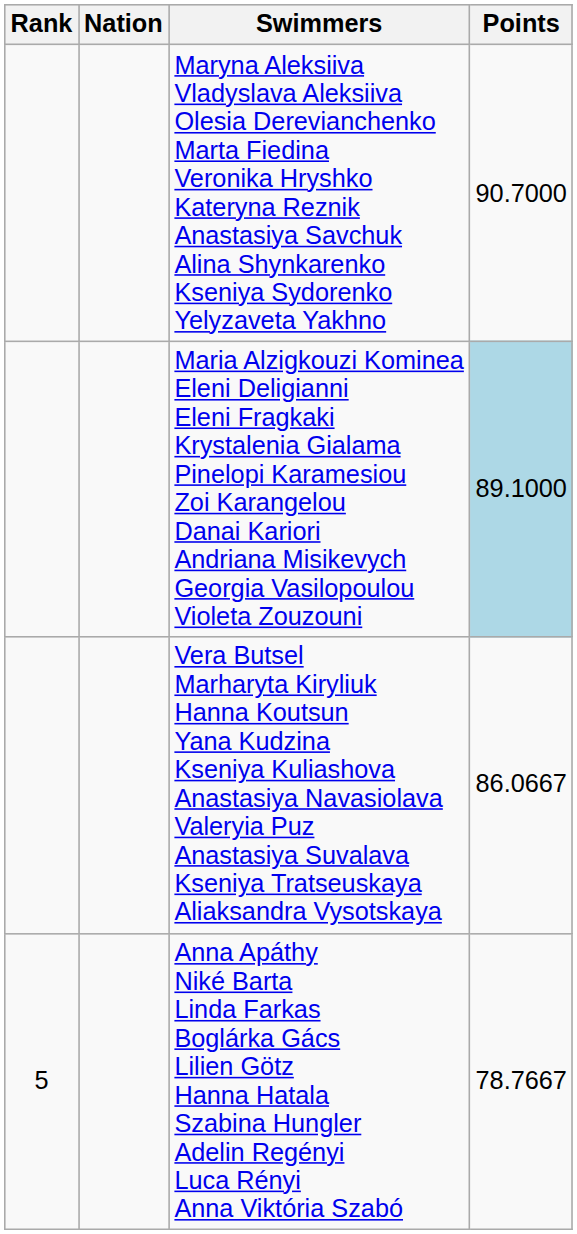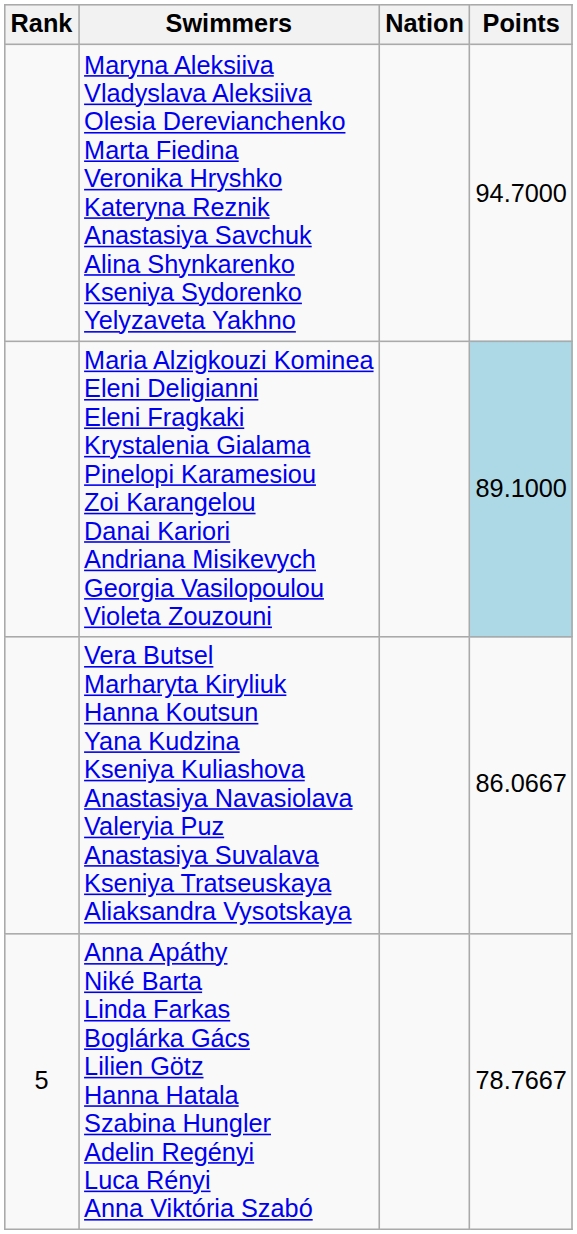 <table class="wikitable sortable" style="text-align:center">
 <tr>
 <th>Rank</th>
+<th class=unsortable>Swimmers</th>
 <th>Nation</th>
-<th class=unsortable>Swimmers</th>
 <th>Points</th>
 </tr>
 <tr>
 <td></td>
+<td align=left><a href='#'>Maryna Aleksiiva</a><br><a href='#'>Vladyslava Aleksiiva</a><br><a href='#'>Olesia Derevianchenko</a><br><a href='#'>Marta Fiedina</a><br><a href='#'>Veronika Hryshko</a><br><a href='#'>Kateryna Reznik</a><br><a href='#'>Anastasiya Savchuk</a><br><a href='#'>Alina Shynkarenko</a><br><a href='#'>Kseniya Sydorenko</a><br><a href='#'>Yelyzaveta Yakhno</a></td>
 <td align=left></td>
-<td align=left><a href='#'>Maryna Aleksiiva</a><br><a href='#'>Vladyslava Aleksiiva</a><br><a href='#'>Olesia Derevianchenko</a><br><a href='#'>Marta Fiedina</a><br><a href='#'>Veronika Hryshko</a><br><a href='#'>Kateryna Reznik</a><br><a href='#'>Anastasiya Savchuk</a><br><a href='#'>Alina Shynkarenko</a><br><a href='#'>Kseniya Sydorenko</a><br><a href='#'>Yelyzaveta Yakhno</a></td>
-<td>90.7000</td>
+<td>94.7000</td>
 </tr>
 <tr>
 <td></td>
+<td align=left><a href='#'>Maria Alzigkouzi Kominea</a><br><a href='#'>Eleni Deligianni</a><br><a href='#'>Eleni Fragkaki</a><br><a href='#'>Krystalenia Gialama</a><br><a href='#'>Pinelopi Karamesiou</a><br><a href='#'>Zoi Karangelou</a><br><a href='#'>Danai Kariori</a><br><a href='#'>Andriana Misikevych</a><br><a href='#'>Georgia Vasilopoulou</a><br><a href='#'>Violeta Zouzouni</a></td>
 <td align=left></td>
-<td align=left><a href='#'>Maria Alzigkouzi Kominea</a><br><a href='#'>Eleni Deligianni</a><br><a href='#'>Eleni Fragkaki</a><br><a href='#'>Krystalenia Gialama</a><br><a href='#'>Pinelopi Karamesiou</a><br><a href='#'>Zoi Karangelou</a><br><a href='#'>Danai Kariori</a><br><a href='#'>Andriana Misikevych</a><br><a href='#'>Georgia Vasilopoulou</a><br><a href='#'>Violeta Zouzouni</a></td>
 <td style="background: lightblue;">89.1000</td>
 </tr>
 <tr>
 <td></td>
+<td align=left><a href='#'>Vera Butsel</a><br><a href='#'>Marharyta Kiryliuk</a><br><a href='#'>Hanna Koutsun</a><br><a href='#'>Yana Kudzina</a><br><a href='#'>Kseniya Kuliashova</a><br><a href='#'>Anastasiya Navasiolava</a><br><a href='#'>Valeryia Puz</a><br><a href='#'>Anastasiya Suvalava</a><br><a href='#'>Kseniya Tratseuskaya</a><br><a href='#'>Aliaksandra Vysotskaya</a></td>
 <td align=left></td>
-<td align=left><a href='#'>Vera Butsel</a><br><a href='#'>Marharyta Kiryliuk</a><br><a href='#'>Hanna Koutsun</a><br><a href='#'>Yana Kudzina</a><br><a href='#'>Kseniya Kuliashova</a><br><a href='#'>Anastasiya Navasiolava</a><br><a href='#'>Valeryia Puz</a><br><a href='#'>Anastasiya Suvalava</a><br><a href='#'>Kseniya Tratseuskaya</a><br><a href='#'>Aliaksandra Vysotskaya</a></td>
 <td>86.0667</td>
 </tr>
 <tr>
 <td>5</td>
+<td align=left><a href='#'>Anna Apáthy</a><br><a href='#'>Niké Barta</a><br><a href='#'>Linda Farkas</a><br><a href='#'>Boglárka Gács</a><br><a href='#'>Lilien Götz</a><br><a href='#'>Hanna Hatala</a><br><a href='#'>Szabina Hungler</a><br><a href='#'>Adelin Regényi</a><br><a href='#'>Luca Rényi</a><br><a href='#'>Anna Viktória Szabó</a></td>
 <td align=left></td>
-<td align=left><a href='#'>Anna Apáthy</a><br><a href='#'>Niké Barta</a><br><a href='#'>Linda Farkas</a><br><a href='#'>Boglárka Gács</a><br><a href='#'>Lilien Götz</a><br><a href='#'>Hanna Hatala</a><br><a href='#'>Szabina Hungler</a><br><a href='#'>Adelin Regényi</a><br><a href='#'>Luca Rényi</a><br><a href='#'>Anna Viktória Szabó</a></td>
 <td>78.7667</td>
 </tr>
 </table>
